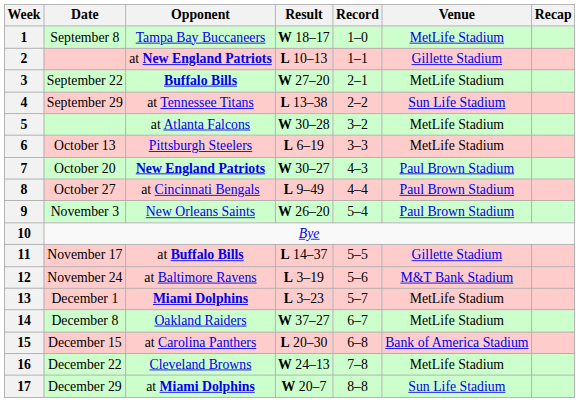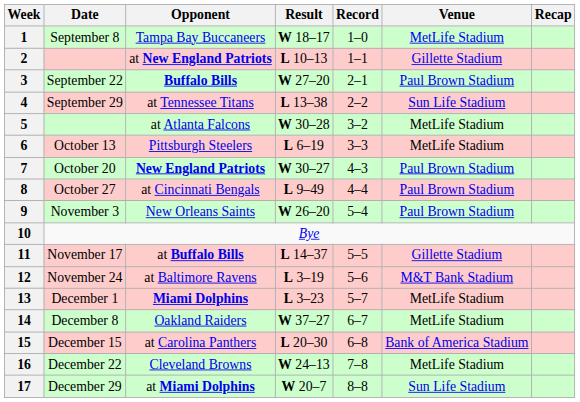 <table class="wikitable" style="text-align:center">
 <tr>
 <th>Week</th>
 <th>Date</th>
 <th>Opponent</th>
 <th>Result</th>
 <th>Record</th>
 <th>Venue</th>
 <th>Recap</th>
 </tr>
 <tr style="background:#cfc">
 <th>1</th>
 <td>September 8</td>
 <td><a href='#'>Tampa Bay Buccaneers</a></td>
 <td><strong>W</strong> 18–17</td>
 <td>1–0</td>
 <td><a href='#'>MetLife Stadium</a></td>
 <td></td>
 </tr>
 <tr style="background:#fcc">
 <th>2</th>
 <td></td>
 <td>at <strong><a href='#'>New England Patriots</a></strong></td>
 <td><strong>L</strong> 10–13</td>
 <td>1–1</td>
 <td><a href='#'>Gillette Stadium</a></td>
 <td></td>
 </tr>
 <tr style="background:#cfc">
 <th>3</th>
 <td>September 22</td>
 <td><strong><a href='#'>Buffalo Bills</a></strong></td>
 <td><strong>W</strong> 27–20</td>
 <td>2–1</td>
-<td>MetLife Stadium</td>
+<td><a href='#'>Paul Brown Stadium</a></td>
 <td></td>
 </tr>
 <tr style="background:#fcc">
 <th>4</th>
 <td>September 29</td>
 <td>at <a href='#'>Tennessee Titans</a></td>
 <td><strong>L</strong> 13–38</td>
 <td>2–2</td>
 <td><a href='#'>Sun Life Stadium</a></td>
 <td></td>
 </tr>
 <tr style="background:#cfc">
 <th>5</th>
 <td></td>
 <td>at <a href='#'>Atlanta Falcons</a></td>
 <td><strong>W</strong> 30–28</td>
 <td>3–2</td>
 <td>MetLife Stadium</td>
 <td></td>
 </tr>
 <tr style="background:#fcc">
 <th>6</th>
 <td>October 13</td>
 <td><a href='#'>Pittsburgh Steelers</a></td>
 <td><strong>L</strong> 6–19</td>
 <td>3–3</td>
 <td>MetLife Stadium</td>
 <td></td>
 </tr>
 <tr style="background:#cfc">
 <th>7</th>
 <td>October 20</td>
 <td><strong><a href='#'>New England Patriots</a></strong></td>
 <td><strong>W</strong> 30–27 </td>
 <td>4–3</td>
 <td><a href='#'>Paul Brown Stadium</a></td>
 <td></td>
 </tr>
 <tr style="background:#fcc">
 <th>8</th>
 <td>October 27</td>
 <td>at <a href='#'>Cincinnati Bengals</a></td>
 <td><strong>L</strong> 9–49</td>
 <td>4–4</td>
 <td><a href='#'>Paul Brown Stadium</a></td>
 <td></td>
 </tr>
 <tr style="background:#cfc">
 <th>9</th>
 <td>November 3</td>
 <td><a href='#'>New Orleans Saints</a></td>
 <td><strong>W</strong> 26–20</td>
 <td>5–4</td>
 <td><a href='#'>Paul Brown Stadium</a></td>
 <td></td>
 </tr>
 <tr>
 <th>10</th>
 <td colspan="6"><em><a href='#'>Bye</a></em></td>
 </tr>
 <tr style="background:#fcc">
 <th>11</th>
 <td>November 17</td>
 <td>at <strong><a href='#'>Buffalo Bills</a></strong></td>
 <td><strong>L</strong> 14–37</td>
 <td>5–5</td>
 <td><a href='#'>Gillette Stadium</a></td>
 <td></td>
 </tr>
 <tr style="background:#fcc">
 <th>12</th>
 <td>November 24</td>
 <td>at <a href='#'>Baltimore Ravens</a></td>
 <td><strong>L</strong> 3–19</td>
 <td>5–6</td>
 <td><a href='#'>M&T Bank Stadium</a></td>
 <td></td>
 </tr>
 <tr style="background:#fcc">
 <th>13</th>
 <td>December 1</td>
 <td><strong><a href='#'>Miami Dolphins</a></strong></td>
 <td><strong>L</strong> 3–23</td>
 <td>5–7</td>
 <td>MetLife Stadium</td>
 <td></td>
 </tr>
 <tr style="background:#cfc">
 <th>14</th>
 <td>December 8</td>
 <td><a href='#'>Oakland Raiders</a></td>
 <td><strong>W</strong> 37–27</td>
 <td>6–7</td>
 <td>MetLife Stadium</td>
 <td></td>
 </tr>
 <tr style="background:#fcc">
 <th>15</th>
 <td>December 15</td>
 <td>at <a href='#'>Carolina Panthers</a></td>
 <td><strong>L</strong> 20–30</td>
 <td>6–8</td>
 <td><a href='#'>Bank of America Stadium</a></td>
 <td></td>
 </tr>
 <tr style="background:#cfc">
 <th>16</th>
 <td>December 22</td>
 <td><a href='#'>Cleveland Browns</a></td>
 <td><strong>W</strong> 24–13</td>
 <td>7–8</td>
 <td>MetLife Stadium</td>
 <td></td>
 </tr>
 <tr style="background:#cfc">
 <th>17</th>
 <td>December 29</td>
 <td>at <strong><a href='#'>Miami Dolphins</a></strong></td>
 <td><strong>W</strong> 20–7</td>
 <td>8–8</td>
 <td><a href='#'>Sun Life Stadium</a></td>
 <td></td>
 </tr>
 </table>
